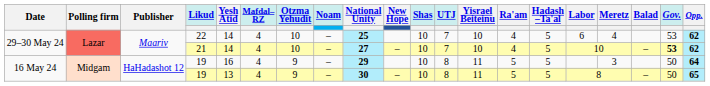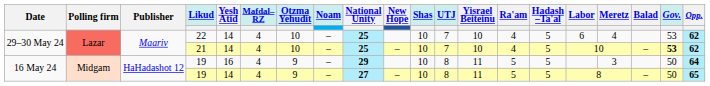 <table class="wikitable sortable" style=text-align:center;font-size:90%;line-height:12px>
 <tr>
 <th rowspan=2>Date</th>
 <th rowspan=2>Polling firm</th>
 <th rowspan=2>Publisher</th>
 <th style=background:#cee><a href='#'>Likud</a></th>
 <th><a href='#'>Yesh<br>Atid</a></th>
 <th style=background:#cee;font-size:90%><a href='#'>Mafdal–<br>RZ</a></th>
 <th style=background:#cee><a href='#'>Otzma<br>Yehudit</a></th>
 <th style=background:#cee><a href='#'>Noam</a></th>
 <th><a href='#'>National<br>Unity</a></th>
 <th><a href='#'>New<br>Hope</a></th>
 <th style=background:#cee><a href='#'>Shas</a></th>
 <th style=background:#cee><a href='#'>UTJ</a></th>
 <th><a href='#'>Yisrael<br>Beiteinu</a></th>
 <th><a href='#'>Ra'am</a></th>
 <th><a href='#'>Hadash<br>–Ta'al</a></th>
 <th><a href='#'>Labor</a></th>
 <th><a href='#'>Meretz</a></th>
 <th><a href='#'>Balad</a></th>
 <th style=background:#cee><a href='#'><em>Gov.</em></a></th>
 <th style=font-size:90%><a href='#'><em>Opp.</em></a></th>
 </tr>
 <tr>
 <th style=background:></th>
 <th style=background:></th>
 <th style=background:></th>
 <th style=background:></th>
 <th style=background:#01AFF0></th>
 <th style=background:></th>
 <th style=background:#235298></th>
 <th style=background:></th>
 <th style=background:></th>
 <th style=background:></th>
 <th style=background:></th>
 <th style=background:></th>
 <th style=background:></th>
 <th style=background:></th>
 <th style=background:></th>
 <th style=background:></th>
 <th style=background:></th>
 </tr>
 <tr>
 <td rowspan=2 data-sort-value=2024-05-29>29–30 May 24</td>
 <td rowspan=2 style=background:#F86B61>Lazar</td>
 <td rowspan=2><em><a href='#'>Maariv</a></em></td>
 <td>22					</td>
 <td>14					</td>
 <td>4					</td>
 <td>10					</td>
 <td>–					</td>
 <td style=background:#B2EDFB><strong>25</strong>	</td>
 <td>	</td>
 <td>10					</td>
 <td>7					</td>
 <td>10					</td>
 <td>4					</td>
 <td>5					</td>
 <td>6					</td>
 <td>4					</td>
 <td>	</td>
 <td>53					</td>
 <td style=background:#B2EDFB><strong>62</strong>	</td>
 </tr>
 <tr style=background:#fffdb0>
 <td>21					</td>
 <td>14					</td>
 <td>4					</td>
 <td>10					</td>
 <td>–					</td>
-<td style=background:#B2EDFB><strong>27</strong>	</td>
+<td style=background:#B2EDFB><strong>25</strong>	</td>
 <td>–					</td>
 <td>10					</td>
 <td>7					</td>
 <td>10					</td>
 <td>4					</td>
 <td>5					</td>
 <td colspan=2>10		</td>
 <td>–					</td>
 <td><strong>53					</strong></td>
 <td style=background:#B2EDFB><strong>62</strong>	</td>
 </tr>
 <tr>
 <td rowspan=2 data-sort-value=2024-05-16>16 May 24</td>
 <td rowspan=2 style=background:#FFDFCC>Midgam</td>
 <td rowspan=2><a href='#'>HaHadashot 12</a></td>
 <td>19					</td>
 <td>16					</td>
 <td>4					</td>
 <td>9					</td>
 <td>–					</td>
 <td style=background:#B2EDFB><strong>29</strong>	</td>
 <td>	</td>
 <td>10					</td>
 <td>8					</td>
 <td>11					</td>
 <td>5					</td>
 <td>5					</td>
 <td>	</td>
 <td>3					</td>
 <td>	</td>
 <td>50					</td>
 <td style=background:#B2EDFB><strong>64</strong>	</td>
 </tr>
 <tr style=background:#fffdb0>
 <td>19					</td>
-<td>13					</td>
+<td>14					</td>
 <td>4					</td>
 <td>9					</td>
 <td>–					</td>
-<td style=background:#B2EDFB><strong>30</strong>	</td>
+<td style=background:#B2EDFB><strong>27</strong>	</td>
 <td>–					</td>
 <td>10					</td>
 <td>8					</td>
 <td>11					</td>
 <td>5					</td>
 <td>5					</td>
 <td colspan=2>8		</td>
 <td>–					</td>
 <td>50					</td>
 <td style=background:#B2EDFB><strong>65</strong>	</td>
 </tr>
 </table>
